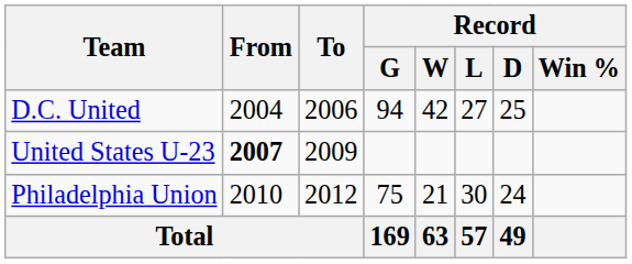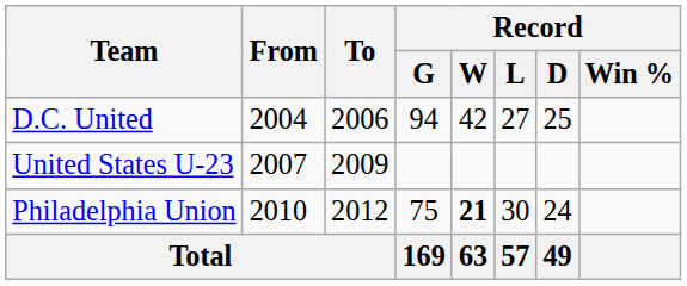 <table class="wikitable" style="text-align: center;">
 <tr>
 <th rowspan="2">Team</th>
 <th rowspan="2">From</th>
 <th rowspan="2">To</th>
 <th colspan="5">Record</th>
 </tr>
 <tr>
 <th>G</th>
 <th>W</th>
 <th>L</th>
 <th>D</th>
 <th>Win %</th>
 </tr>
 <tr>
 <td align=left><a href='#'>D.C. United</a></td>
 <td align=left>2004</td>
 <td align=left>2006</td>
 <td>94</td>
 <td>42</td>
 <td>27</td>
 <td>25</td>
 <td></td>
 </tr>
 <tr>
 <td align=left><a href='#'>United States U-23</a></td>
-<td align=left><strong>2007</strong></td>
+<td align=left>2007</td>
 <td align=left>2009</td>
 <td></td>
 <td></td>
 <td></td>
 <td></td>
 <td></td>
 </tr>
 <tr>
 <td align=left><a href='#'>Philadelphia Union</a></td>
 <td align=left>2010</td>
 <td align=left>2012</td>
 <td>75</td>
-<td>21</td>
+<td><strong>21</strong></td>
 <td>30</td>
 <td>24</td>
 <td></td>
 </tr>
 <tr>
 <th colspan="3">Total</th>
 <th>169</th>
 <th>63</th>
 <th>57</th>
 <th>49</th>
 <th></th>
 </tr>
 </table>
